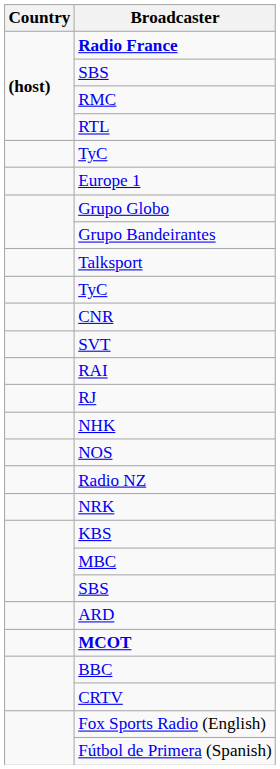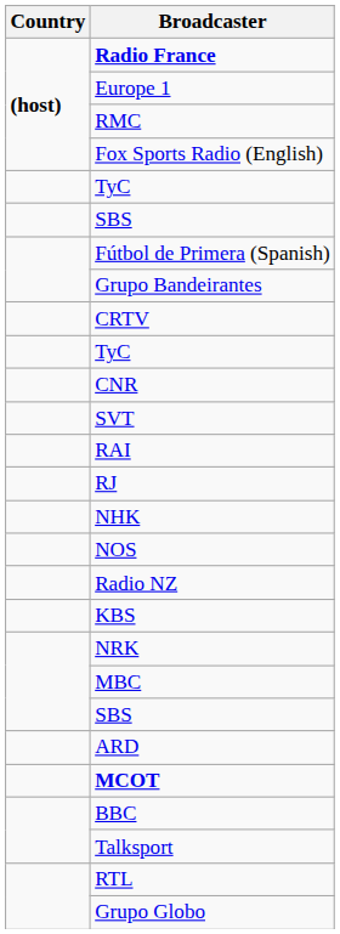 <table class="wikitable">
 <tr>
 <th>Country</th>
 <th>Broadcaster</th>
 </tr>
 <tr>
 <td rowspan="4"><strong> (host)</strong></td>
 <td><strong><a href='#'>Radio France</a></strong></td>
 </tr>
 <tr>
-<td><a href='#'>SBS</a></td>
+<td><a href='#'>Europe 1</a></td>
 </tr>
 <tr>
 <td><a href='#'>RMC</a></td>
 </tr>
 <tr>
-<td><a href='#'>RTL</a></td>
+<td><a href='#'>Fox Sports Radio</a> (English)</td>
 </tr>
 <tr>
 <td></td>
 <td><a href='#'>TyC</a></td>
 </tr>
 <tr>
 <td></td>
-<td><a href='#'>Europe 1</a></td>
+<td><a href='#'>SBS</a></td>
 </tr>
 <tr>
 <td rowspan="2"></td>
-<td><a href='#'>Grupo Globo</a></td>
+<td><a href='#'>Fútbol de Primera</a> (Spanish)</td>
 </tr>
 <tr>
 <td><a href='#'>Grupo Bandeirantes</a></td>
 </tr>
 <tr>
 <td></td>
-<td><a href='#'>Talksport</a></td>
+<td><a href='#'>CRTV</a></td>
 </tr>
 <tr>
 <td></td>
 <td><a href='#'>TyC</a></td>
 </tr>
 <tr>
 <td></td>
 <td><a href='#'>CNR</a></td>
 </tr>
 <tr>
 <td></td>
 <td><a href='#'>SVT</a></td>
 </tr>
 <tr>
 <td></td>
 <td><a href='#'>RAI</a></td>
 </tr>
 <tr>
 <td></td>
 <td><a href='#'>RJ</a></td>
 </tr>
 <tr>
 <td></td>
 <td><a href='#'>NHK</a></td>
 </tr>
 <tr>
 <td></td>
 <td><a href='#'>NOS</a></td>
 </tr>
 <tr>
 <td></td>
 <td><a href='#'>Radio NZ</a></td>
 </tr>
 <tr>
 <td></td>
-<td><a href='#'>NRK</a></td>
+<td><a href='#'>KBS</a></td>
 </tr>
 <tr>
 <td rowspan="3"></td>
-<td><a href='#'>KBS</a></td>
+<td><a href='#'>NRK</a></td>
 </tr>
 <tr>
 <td><a href='#'>MBC</a></td>
 </tr>
 <tr>
 <td><a href='#'>SBS</a></td>
 </tr>
 <tr>
 <td></td>
 <td><a href='#'>ARD</a></td>
 </tr>
 <tr>
 <td></td>
 <td><strong><a href='#'>MCOT</a></strong></td>
 </tr>
 <tr>
 <td rowspan="2"></td>
 <td><a href='#'>BBC</a></td>
 </tr>
 <tr>
-<td><a href='#'>CRTV</a></td>
+<td><a href='#'>Talksport</a></td>
 </tr>
 <tr>
 <td rowspan="2"></td>
-<td><a href='#'>Fox Sports Radio</a> (English)</td>
+<td><a href='#'>RTL</a></td>
 </tr>
 <tr>
-<td><a href='#'>Fútbol de Primera</a> (Spanish)</td>
+<td><a href='#'>Grupo Globo</a></td>
 </tr>
 </table>
